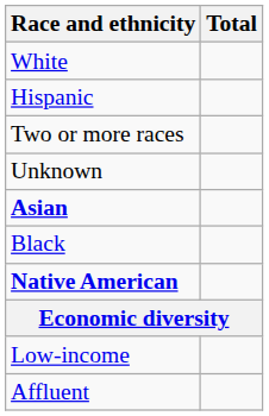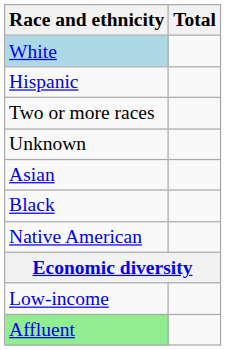 <table class="wikitable floatright sortable collapsible"; text-align:right; font-size:80%;">
 <tr>
 <th>Race and ethnicity</th>
 <th colspan="2" data-sort-type=number>Total</th>
 </tr>
 <tr>
-<td><a href='#'>White</a></td>
+<td style="background: lightblue;"><a href='#'>White</a></td>
 <td align=right></td>
 </tr>
 <tr>
 <td><a href='#'>Hispanic</a></td>
 <td align=right></td>
 </tr>
 <tr>
 <td>Two or more races</td>
 <td align=right></td>
 </tr>
 <tr>
 <td>Unknown</td>
 <td align=right></td>
 </tr>
 <tr>
-<td><strong><a href='#'>Asian</a></strong></td>
+<td><a href='#'>Asian</a></td>
 <td align=right></td>
 </tr>
 <tr>
 <td><a href='#'>Black</a></td>
 <td align=right></td>
 </tr>
 <tr>
-<td><strong><a href='#'>Native American</a></strong></td>
+<td><a href='#'>Native American</a></td>
 <td align=right></td>
 </tr>
 <tr>
 <th colspan="4" data-sort-type=number><a href='#'>Economic diversity</a></th>
 </tr>
 <tr>
 <td><a href='#'>Low-income</a></td>
 <td align=right></td>
 </tr>
 <tr>
-<td><a href='#'>Affluent</a></td>
+<td style="background: lightgreen;"><a href='#'>Affluent</a></td>
 <td align=right></td>
 </tr>
 </table>
